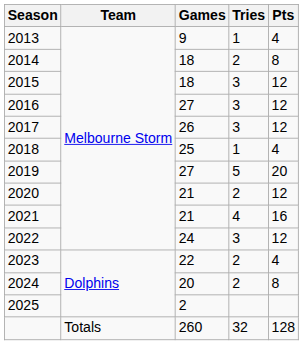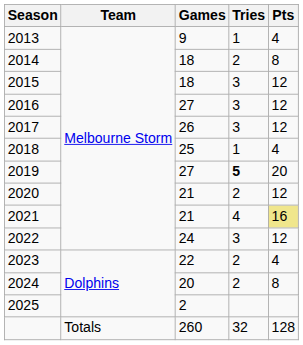 <table class="wikitable">
 <tr>
 <th>Season</th>
 <th>Team</th>
 <th>Games</th>
 <th>Tries</th>
 <th>Pts</th>
 </tr>
 <tr>
 <td>2013</td>
 <td rowspan="10"> <a href='#'>Melbourne Storm</a></td>
 <td>9</td>
 <td>1</td>
 <td>4</td>
 </tr>
 <tr>
 <td>2014</td>
 <td>18</td>
 <td>2</td>
 <td>8</td>
 </tr>
 <tr>
 <td>2015</td>
 <td>18</td>
 <td>3</td>
 <td>12</td>
 </tr>
 <tr>
 <td>2016</td>
 <td>27</td>
 <td>3</td>
 <td>12</td>
 </tr>
 <tr>
 <td>2017</td>
 <td>26</td>
 <td>3</td>
 <td>12</td>
 </tr>
 <tr>
 <td>2018</td>
 <td>25</td>
 <td>1</td>
 <td>4</td>
 </tr>
 <tr>
 <td>2019</td>
 <td>27</td>
-<td>5</td>
+<td><strong>5</strong></td>
 <td>20</td>
 </tr>
 <tr>
 <td>2020</td>
 <td>21</td>
 <td>2</td>
 <td>12</td>
 </tr>
 <tr>
 <td>2021</td>
 <td>21</td>
 <td>4</td>
-<td>16</td>
+<td style="background: khaki;">16</td>
 </tr>
 <tr>
 <td>2022</td>
 <td>24</td>
 <td>3</td>
 <td>12</td>
 </tr>
 <tr>
 <td>2023</td>
 <td rowspan="3"> <a href='#'>Dolphins</a></td>
 <td>22</td>
 <td>2</td>
 <td>4</td>
 </tr>
 <tr>
 <td>2024</td>
 <td>20</td>
 <td>2</td>
 <td>8</td>
 </tr>
 <tr>
 <td>2025</td>
 <td>2</td>
 <td></td>
 <td></td>
 </tr>
 <tr>
 <td></td>
 <td>Totals</td>
 <td>260</td>
 <td>32</td>
 <td>128</td>
 </tr>
 </table>
